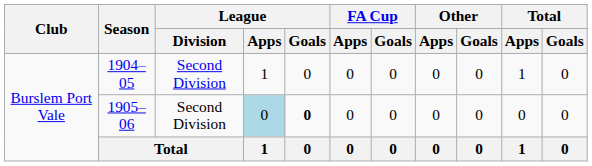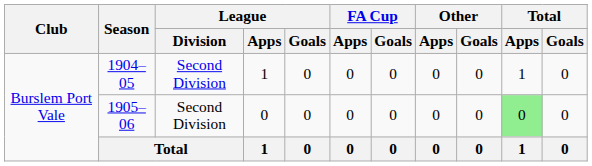 <table class="wikitable" style="text-align:center">
 <tr>
 <th rowspan="2">Club</th>
 <th rowspan="2">Season</th>
 <th colspan="3">League</th>
 <th colspan="2"><a href='#'>FA Cup</a></th>
 <th colspan="2">Other</th>
 <th colspan="2">Total</th>
 </tr>
 <tr>
 <th>Division</th>
 <th>Apps</th>
 <th>Goals</th>
 <th>Apps</th>
 <th>Goals</th>
 <th>Apps</th>
 <th>Goals</th>
 <th>Apps</th>
 <th>Goals</th>
 </tr>
 <tr>
 <td rowspan="3"><a href='#'>Burslem Port Vale</a></td>
 <td><a href='#'>1904–05</a></td>
 <td><a href='#'>Second Division</a></td>
 <td>1</td>
 <td>0</td>
 <td>0</td>
 <td>0</td>
 <td>0</td>
 <td>0</td>
 <td>1</td>
 <td>0</td>
 </tr>
 <tr>
 <td><a href='#'>1905–06</a></td>
 <td>Second Division</td>
-<td style="background: lightblue;">0</td>
-<td><strong>0</strong></td>
 <td>0</td>
 <td>0</td>
 <td>0</td>
 <td>0</td>
 <td>0</td>
+<td>0</td>
+<td style="background: lightgreen;">0</td>
 <td>0</td>
 </tr>
 <tr>
 <th colspan="2">Total</th>
 <th>1</th>
 <th>0</th>
 <th>0</th>
 <th>0</th>
 <th>0</th>
 <th>0</th>
 <th>1</th>
 <th>0</th>
 </tr>
 </table>
